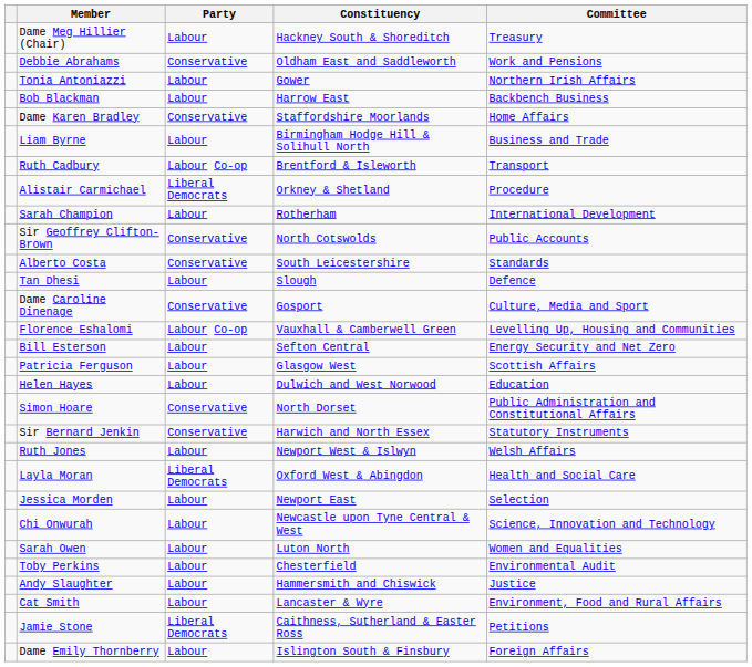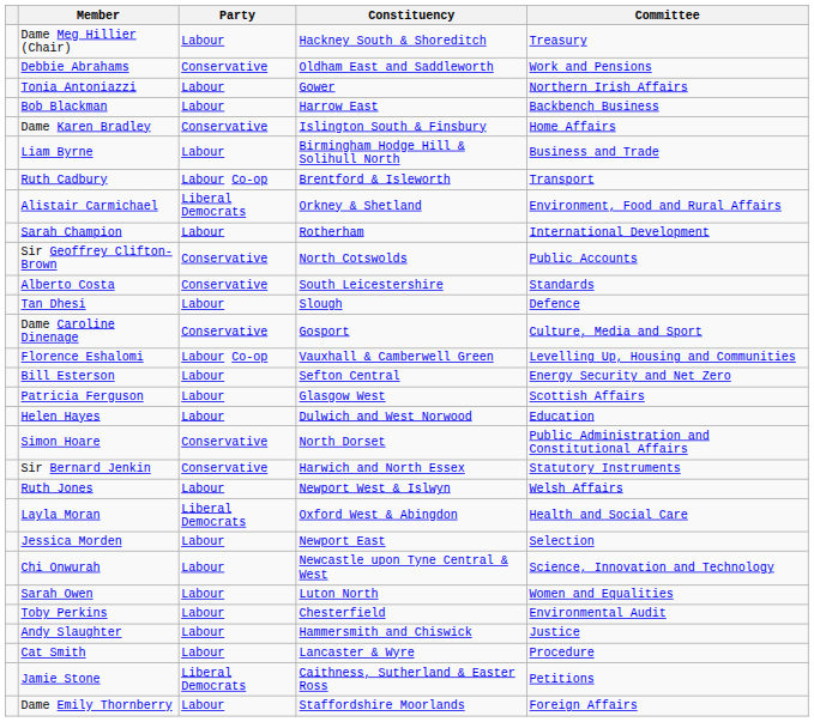 <table class="wikitable sortable">
 <tr>
 <th class="unsortable"> </th>
 <th valign="top">Member</th>
 <th valign="top">Party</th>
 <th valign="top">Constituency</th>
 <th valign="top">Committee</th>
 </tr>
 <tr>
 <td style="color:inherit;background:"></td>
 <td>Dame <a href='#'>Meg Hillier</a> (Chair)</td>
 <td><a href='#'>Labour</a></td>
 <td><a href='#'>Hackney South & Shoreditch</a></td>
 <td><a href='#'>Treasury</a></td>
 </tr>
 <tr>
 <td style="color:inherit;background:"></td>
 <td><a href='#'>Debbie Abrahams</a></td>
 <td><a href='#'>Conservative</a></td>
 <td><a href='#'>Oldham East and Saddleworth</a></td>
 <td><a href='#'>Work and Pensions</a></td>
 </tr>
 <tr>
 <td style="color:inherit;background:"></td>
 <td><a href='#'>Tonia Antoniazzi</a></td>
 <td><a href='#'>Labour</a></td>
 <td><a href='#'>Gower</a></td>
 <td><a href='#'>Northern Irish Affairs</a></td>
 </tr>
 <tr>
 <td style="color:inherit;background:"></td>
 <td><a href='#'>Bob Blackman</a></td>
 <td><a href='#'>Labour</a></td>
 <td><a href='#'>Harrow East</a></td>
 <td><a href='#'>Backbench Business</a></td>
 </tr>
 <tr>
 <td style="color:inherit;background:"></td>
 <td>Dame <a href='#'>Karen Bradley</a></td>
 <td><a href='#'>Conservative</a></td>
-<td><a href='#'>Staffordshire Moorlands</a></td>
+<td><a href='#'>Islington South & Finsbury</a></td>
 <td><a href='#'>Home Affairs</a></td>
 </tr>
 <tr>
 <td style="color:inherit;background:"></td>
 <td><a href='#'>Liam Byrne</a></td>
 <td><a href='#'>Labour</a></td>
 <td><a href='#'>Birmingham Hodge Hill & Solihull North</a></td>
 <td><a href='#'>Business and Trade</a></td>
 </tr>
 <tr>
 <td style="color:inherit;background:"></td>
 <td><a href='#'>Ruth Cadbury</a></td>
 <td><a href='#'>Labour</a> <a href='#'>Co-op</a></td>
 <td><a href='#'>Brentford & Isleworth</a></td>
 <td><a href='#'>Transport</a></td>
 </tr>
 <tr>
 <td style="color:inherit;background:"></td>
 <td><a href='#'>Alistair Carmichael</a></td>
 <td><a href='#'>Liberal Democrats</a></td>
 <td><a href='#'>Orkney & Shetland</a></td>
-<td><a href='#'>Procedure</a></td>
+<td><a href='#'>Environment, Food and Rural Affairs</a></td>
 </tr>
 <tr>
 <td style="color:inherit;background:"></td>
 <td><a href='#'>Sarah Champion</a></td>
 <td><a href='#'>Labour</a></td>
 <td><a href='#'>Rotherham</a></td>
 <td><a href='#'>International Development</a></td>
 </tr>
 <tr>
 <td style="color:inherit;background:"></td>
 <td>Sir <a href='#'>Geoffrey Clifton-Brown</a></td>
 <td><a href='#'>Conservative</a></td>
 <td><a href='#'>North Cotswolds</a></td>
 <td><a href='#'>Public Accounts</a></td>
 </tr>
 <tr>
 <td style="color:inherit;background:"></td>
 <td><a href='#'>Alberto Costa</a></td>
 <td><a href='#'>Conservative</a></td>
 <td><a href='#'>South Leicestershire</a></td>
 <td><a href='#'>Standards</a></td>
 </tr>
 <tr>
 <td style="color:inherit;background:"></td>
 <td><a href='#'>Tan Dhesi</a></td>
 <td><a href='#'>Labour</a></td>
 <td><a href='#'>Slough</a></td>
 <td><a href='#'>Defence</a></td>
 </tr>
 <tr>
 <td style="color:inherit;background:"></td>
 <td>Dame <a href='#'>Caroline Dinenage</a></td>
 <td><a href='#'>Conservative</a></td>
 <td><a href='#'>Gosport</a></td>
 <td><a href='#'>Culture, Media and Sport</a></td>
 </tr>
 <tr>
 <td style="color:inherit;background:"></td>
 <td><a href='#'>Florence Eshalomi</a></td>
 <td><a href='#'>Labour</a> <a href='#'>Co-op</a></td>
 <td><a href='#'>Vauxhall & Camberwell Green</a></td>
 <td><a href='#'>Levelling Up, Housing and Communities</a></td>
 </tr>
 <tr>
 <td style="color:inherit;background:"></td>
 <td><a href='#'>Bill Esterson</a></td>
 <td><a href='#'>Labour</a></td>
 <td><a href='#'>Sefton Central</a></td>
 <td><a href='#'>Energy Security and Net Zero</a></td>
 </tr>
 <tr>
 <td style="color:inherit;background:"></td>
 <td><a href='#'>Patricia Ferguson</a></td>
 <td><a href='#'>Labour</a></td>
 <td><a href='#'>Glasgow West</a></td>
 <td><a href='#'>Scottish Affairs</a></td>
 </tr>
 <tr>
 <td style="color:inherit;background:"></td>
 <td><a href='#'>Helen Hayes</a></td>
 <td><a href='#'>Labour</a></td>
 <td><a href='#'>Dulwich and West Norwood</a></td>
 <td><a href='#'>Education</a></td>
 </tr>
 <tr>
 <td style="color:inherit;background:"></td>
 <td><a href='#'>Simon Hoare</a></td>
 <td><a href='#'>Conservative</a></td>
 <td><a href='#'>North Dorset</a></td>
 <td><a href='#'>Public Administration and Constitutional Affairs</a></td>
 </tr>
 <tr>
 <td style="color:inherit;background:"></td>
 <td>Sir <a href='#'>Bernard Jenkin</a></td>
 <td><a href='#'>Conservative</a></td>
 <td><a href='#'>Harwich and North Essex</a></td>
 <td><a href='#'>Statutory Instruments</a></td>
 </tr>
 <tr>
 <td style="color:inherit;background:"></td>
 <td><a href='#'>Ruth Jones</a></td>
 <td><a href='#'>Labour</a></td>
 <td><a href='#'>Newport West & Islwyn</a></td>
 <td><a href='#'>Welsh Affairs</a></td>
 </tr>
 <tr>
 <td style="color:inherit;background:"></td>
 <td><a href='#'>Layla Moran</a></td>
 <td><a href='#'>Liberal Democrats</a></td>
 <td><a href='#'>Oxford West & Abingdon</a></td>
 <td><a href='#'>Health and Social Care</a></td>
 </tr>
 <tr>
 <td style="color:inherit;background:"></td>
 <td><a href='#'>Jessica Morden</a></td>
 <td><a href='#'>Labour</a></td>
 <td><a href='#'>Newport East</a></td>
 <td><a href='#'>Selection</a></td>
 </tr>
 <tr>
 <td style="color:inherit;background:"></td>
 <td><a href='#'>Chi Onwurah</a></td>
 <td><a href='#'>Labour</a></td>
 <td><a href='#'>Newcastle upon Tyne Central & West</a></td>
 <td><a href='#'>Science, Innovation and Technology</a></td>
 </tr>
 <tr>
 <td style="color:inherit;background:"></td>
 <td><a href='#'>Sarah Owen</a></td>
 <td><a href='#'>Labour</a></td>
 <td><a href='#'>Luton North</a></td>
 <td><a href='#'>Women and Equalities</a></td>
 </tr>
 <tr>
 <td style="color:inherit;background:"></td>
 <td><a href='#'>Toby Perkins</a></td>
 <td><a href='#'>Labour</a></td>
 <td><a href='#'>Chesterfield</a></td>
 <td><a href='#'>Environmental Audit</a></td>
 </tr>
 <tr>
 <td style="color:inherit;background:"></td>
 <td><a href='#'>Andy Slaughter</a></td>
 <td><a href='#'>Labour</a></td>
 <td><a href='#'>Hammersmith and Chiswick</a></td>
 <td><a href='#'>Justice</a></td>
 </tr>
 <tr>
 <td style="color:inherit;background:"></td>
 <td><a href='#'>Cat Smith</a></td>
 <td><a href='#'>Labour</a></td>
 <td><a href='#'>Lancaster & Wyre</a></td>
-<td><a href='#'>Environment, Food and Rural Affairs</a></td>
+<td><a href='#'>Procedure</a></td>
 </tr>
 <tr>
 <td style="color:inherit;background:"></td>
 <td><a href='#'>Jamie Stone</a></td>
 <td><a href='#'>Liberal Democrats</a></td>
 <td><a href='#'>Caithness, Sutherland & Easter Ross</a></td>
 <td><a href='#'>Petitions</a></td>
 </tr>
 <tr>
 <td style="color:inherit;background:"></td>
 <td>Dame <a href='#'>Emily Thornberry</a></td>
 <td><a href='#'>Labour</a></td>
-<td><a href='#'>Islington South & Finsbury</a></td>
+<td><a href='#'>Staffordshire Moorlands</a></td>
 <td><a href='#'>Foreign Affairs</a></td>
 </tr>
 </table>
